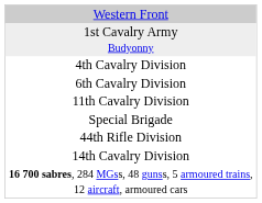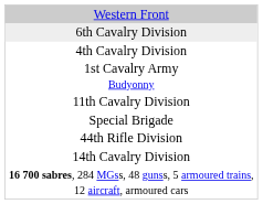 <table border="0" cellspacing="0" cellpadding="2" style="text-align:center;border:1px solid #ccc;">
 <tr valign="top" style="background:#ccc;">
 <th width="300px" style="font-weight:normal"><a href='#'>Western Front</a><br></th>
 </tr>
 <tr valign="top" style="background:#eee;">
-<td>1st Cavalry Army<br><small><a href='#'>Budyonny</a></small></td>
+<td>6th Cavalry Division</td>
 </tr>
 <tr>
 <td>4th Cavalry Division</td>
 </tr>
 <tr>
-<td>6th Cavalry Division</td>
+<td>1st Cavalry Army<br><small><a href='#'>Budyonny</a></small></td>
 </tr>
 <tr>
 <td>11th Cavalry Division</td>
 </tr>
 <tr>
 <td>Special Brigade</td>
 </tr>
 <tr>
 <td>44th Rifle Division</td>
 </tr>
 <tr>
 <td>14th Cavalry Division</td>
 </tr>
 <tr style="border-bottom:1px solid gray;">
 <td><small><strong>16 700 sabres</strong>, 284 <a href='#'>MGs</a>s, 48 <a href='#'>guns</a>s, 5 <a href='#'>armoured trains</a>, 12 <a href='#'>aircraft</a>, armoured cars</small></td>
 </tr>
 </table>
